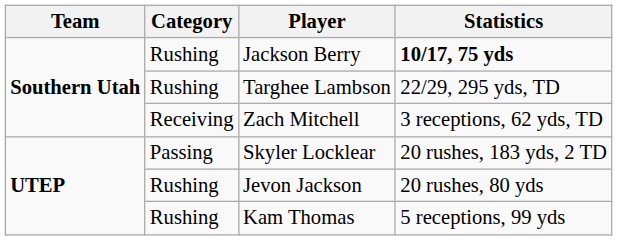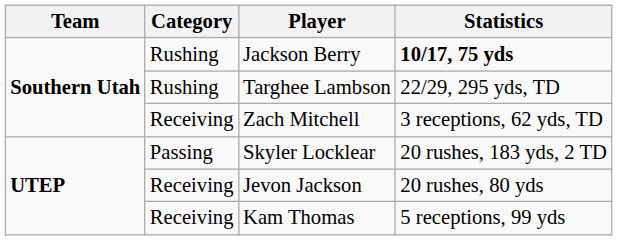 <table class="wikitable" style="float: right;">
 <tr>
 <th>Team</th>
 <th>Category</th>
 <th>Player</th>
 <th>Statistics</th>
 </tr>
 <tr>
 <td rowspan=3><strong>Southern Utah</strong></td>
 <td>Rushing</td>
 <td>Jackson Berry</td>
 <td><strong>10/17, 75 yds</strong></td>
 </tr>
 <tr>
 <td>Rushing</td>
 <td>Targhee Lambson</td>
 <td>22/29, 295 yds, TD</td>
 </tr>
 <tr>
 <td>Receiving</td>
 <td>Zach Mitchell</td>
 <td>3 receptions, 62 yds, TD</td>
 </tr>
 <tr>
 <td rowspan=3><strong>UTEP</strong></td>
 <td>Passing</td>
 <td>Skyler Locklear</td>
 <td>20 rushes, 183 yds, 2 TD</td>
 </tr>
 <tr>
-<td>Rushing</td>
+<td>Receiving</td>
 <td>Jevon Jackson</td>
 <td>20 rushes, 80 yds</td>
 </tr>
 <tr>
-<td>Rushing</td>
+<td>Receiving</td>
 <td>Kam Thomas</td>
 <td>5 receptions, 99 yds</td>
 </tr>
 </table>
